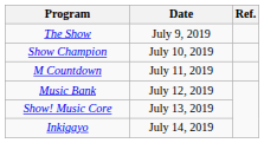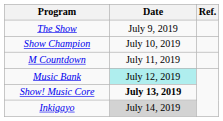 <table class="wikitable plainrowheaders" style="text-align:center;">
 <tr>
 <th width="160">Program</th>
 <th width="130">Date</th>
 <th>Ref.</th>
 </tr>
 <tr>
 <td><em><a href='#'>The Show</a></em></td>
 <td>July 9, 2019</td>
 <td></td>
 </tr>
 <tr>
 <td><em><a href='#'>Show Champion</a></em></td>
 <td>July 10, 2019</td>
 <td></td>
 </tr>
 <tr>
 <td><em><a href='#'>M Countdown</a></em></td>
 <td>July 11, 2019</td>
 <td></td>
 </tr>
 <tr>
 <td><em><a href='#'>Music Bank</a></em></td>
-<td>July 12, 2019</td>
+<td style="background: paleturquoise;">July 12, 2019</td>
 <td rowspan="3"></td>
 </tr>
 <tr>
 <td><em><a href='#'>Show! Music Core</a></em></td>
-<td>July 13, 2019</td>
+<td><strong>July 13, 2019</strong></td>
 </tr>
 <tr>
 <td><em><a href='#'>Inkigayo</a></em></td>
-<td>July 14, 2019</td>
+<td style="background: lightgrey;">July 14, 2019</td>
 </tr>
 </table>
